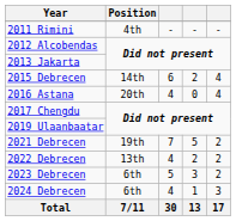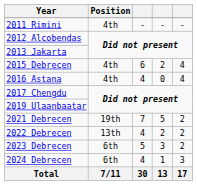 <table class="wikitable" style="text-align: center;">
 <tr>
 <th>Year</th>
 <th>Position</th>
 <th width=25px></th>
 <th width=25px></th>
 <th width=25px></th>
 </tr>
 <tr bgcolor="#FFD700">
 </tr>
 <tr>
 <td style="text-align: left;"> <a href='#'>2011 Rimini</a></td>
 <td>4th</td>
 <td>-</td>
 <td>-</td>
 <td>-</td>
 </tr>
 <tr>
 <td style="text-align: left;"> <a href='#'>2012 Alcobendas</a></td>
 <td rowspan="2" colspan="4" style="text-align:center;"><strong><em>Did not present</em></strong></td>
 </tr>
 <tr>
 <td style="text-align: left;"> <a href='#'>2013 Jakarta</a></td>
 </tr>
 <tr>
 <td style="text-align: left;"> <a href='#'>2015 Debrecen</a></td>
-<td>14th</td>
+<td>4th</td>
 <td>6</td>
 <td>2</td>
 <td>4</td>
 </tr>
 <tr>
 <td style="text-align: left;"> <a href='#'>2016 Astana</a></td>
-<td>20th</td>
+<td>4th</td>
 <td>4</td>
 <td>0</td>
 <td>4</td>
 </tr>
 <tr>
 <td style="text-align: left;"> <a href='#'>2017 Chengdu</a></td>
 <td rowspan="2" colspan="4" style="text-align:center;"><strong><em>Did not present</em></strong></td>
 </tr>
 <tr>
 <td style="text-align: left;"> <a href='#'>2019 Ulaanbaatar</a></td>
 </tr>
 <tr>
 <td style="text-align: left;"> <a href='#'>2021 Debrecen</a></td>
 <td>19th</td>
 <td>7</td>
 <td>5</td>
 <td>2</td>
 </tr>
 <tr>
 <td style="text-align: left;"> <a href='#'>2022 Debrecen</a></td>
 <td>13th</td>
 <td>4</td>
 <td>2</td>
 <td>2</td>
 </tr>
 <tr>
 <td style="text-align: left;"> <a href='#'>2023 Debrecen</a></td>
 <td>6th</td>
 <td>5</td>
 <td>3</td>
 <td>2</td>
 </tr>
 <tr>
 <td style="text-align: left;"> <a href='#'>2024 Debrecen</a></td>
 <td>6th</td>
 <td>4</td>
 <td>1</td>
 <td>3</td>
 </tr>
 <tr>
 <th>Total</th>
 <th>7/11</th>
 <th>30</th>
 <th>13</th>
 <th>17</th>
 </tr>
 </table>
